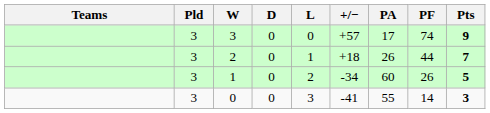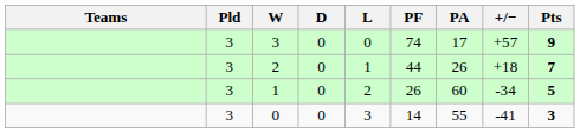 <table class="wikitable" style="text-align: center;">
 <tr>
 <th width="200">Teams</th>
 <th width="40">Pld</th>
 <th width="40">W</th>
 <th width="40">D</th>
 <th width="40">L</th>
+<th width="40">PF</th>
+<th width="40">PA</th>
 <th width="40">+/−</th>
-<th width="40">PA</th>
-<th width="40">PF</th>
 <th width="40">Pts</th>
 </tr>
 <tr bgcolor=#ccffcc>
 <td align=left></td>
 <td>3</td>
 <td>3</td>
 <td>0</td>
 <td>0</td>
+<td>74</td>
+<td>17</td>
 <td>+57</td>
-<td>17</td>
-<td>74</td>
 <td><strong>9</strong></td>
 </tr>
 <tr bgcolor=#ccffcc>
 <td align=left></td>
 <td>3</td>
 <td>2</td>
 <td>0</td>
 <td>1</td>
+<td>44</td>
+<td>26</td>
 <td>+18</td>
-<td>26</td>
-<td>44</td>
 <td><strong>7</strong></td>
 </tr>
 <tr bgcolor=#ccffcc>
 <td align=left></td>
 <td>3</td>
 <td>1</td>
 <td>0</td>
 <td>2</td>
+<td>26</td>
+<td>60</td>
 <td>-34</td>
-<td>60</td>
-<td>26</td>
 <td><strong>5</strong></td>
 </tr>
 <tr>
 <td align=left></td>
 <td>3</td>
 <td>0</td>
 <td>0</td>
 <td>3</td>
+<td>14</td>
+<td>55</td>
 <td>-41</td>
-<td>55</td>
-<td>14</td>
 <td><strong>3</strong></td>
 </tr>
 </table>
